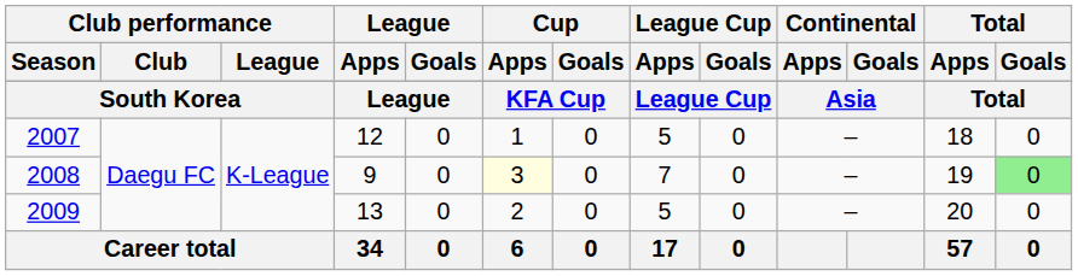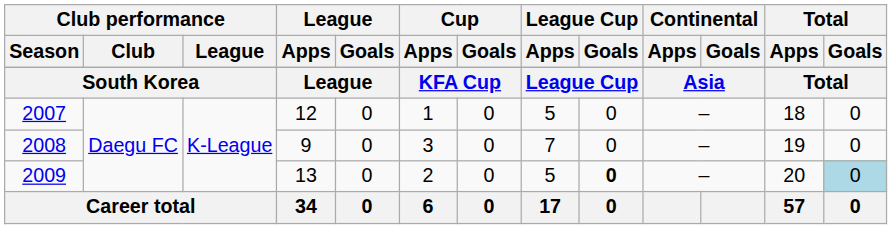 <table class="wikitable" style="text-align:center">
 <tr>
 <th colspan=3>Club performance</th>
 <th colspan=2>League</th>
 <th colspan=2>Cup</th>
 <th colspan=2>League Cup</th>
 <th colspan=2>Continental</th>
 <th colspan=2>Total</th>
 </tr>
 <tr>
 <th>Season</th>
 <th>Club</th>
 <th>League</th>
 <th>Apps</th>
 <th>Goals</th>
 <th>Apps</th>
 <th>Goals</th>
 <th>Apps</th>
 <th>Goals</th>
 <th>Apps</th>
 <th>Goals</th>
 <th>Apps</th>
 <th>Goals</th>
 </tr>
 <tr>
 </tr>
 <tr>
 <th colspan=3>South Korea</th>
 <th colspan=2>League</th>
 <th colspan=2><a href='#'>KFA Cup</a></th>
 <th colspan=2><a href='#'>League Cup</a></th>
 <th colspan=2><a href='#'>Asia</a></th>
 <th colspan=2>Total</th>
 </tr>
 <tr>
 <td><a href='#'>2007</a></td>
 <td rowspan="3"><a href='#'>Daegu FC</a></td>
 <td rowspan="3"><a href='#'>K-League</a></td>
 <td>12</td>
 <td>0</td>
 <td>1</td>
 <td>0</td>
 <td>5</td>
 <td>0</td>
 <td colspan="2">–</td>
 <td>18</td>
 <td>0</td>
 </tr>
 <tr>
 <td><a href='#'>2008</a></td>
 <td>9</td>
 <td>0</td>
-<td style="background: lightyellow;">3</td>
+<td>3</td>
 <td>0</td>
 <td>7</td>
 <td>0</td>
 <td colspan="2">–</td>
 <td>19</td>
-<td style="background: lightgreen;">0</td>
+<td>0</td>
 </tr>
 <tr>
 <td><a href='#'>2009</a></td>
 <td>13</td>
 <td>0</td>
 <td>2</td>
 <td>0</td>
 <td>5</td>
-<td>0</td>
+<td><strong>0</strong></td>
 <td colspan="2">–</td>
 <td>20</td>
-<td>0</td>
+<td style="background: lightblue;">0</td>
 </tr>
 <tr>
 <th colspan=3>Career total</th>
 <th>34</th>
 <th>0</th>
 <th>6</th>
 <th>0</th>
 <th>17</th>
 <th>0</th>
 <th></th>
 <th></th>
 <th>57</th>
 <th>0</th>
 </tr>
 </table>
